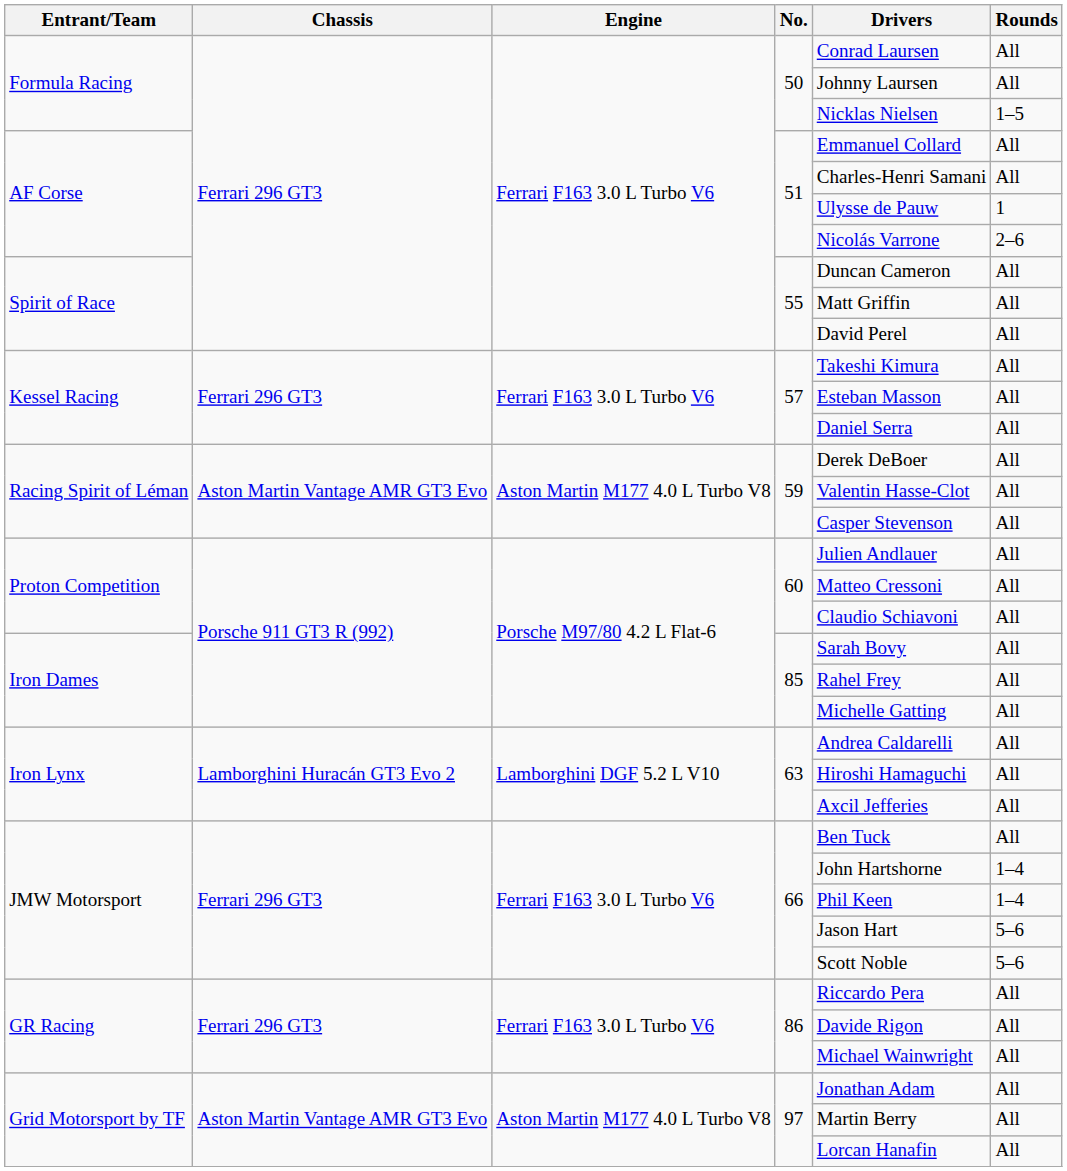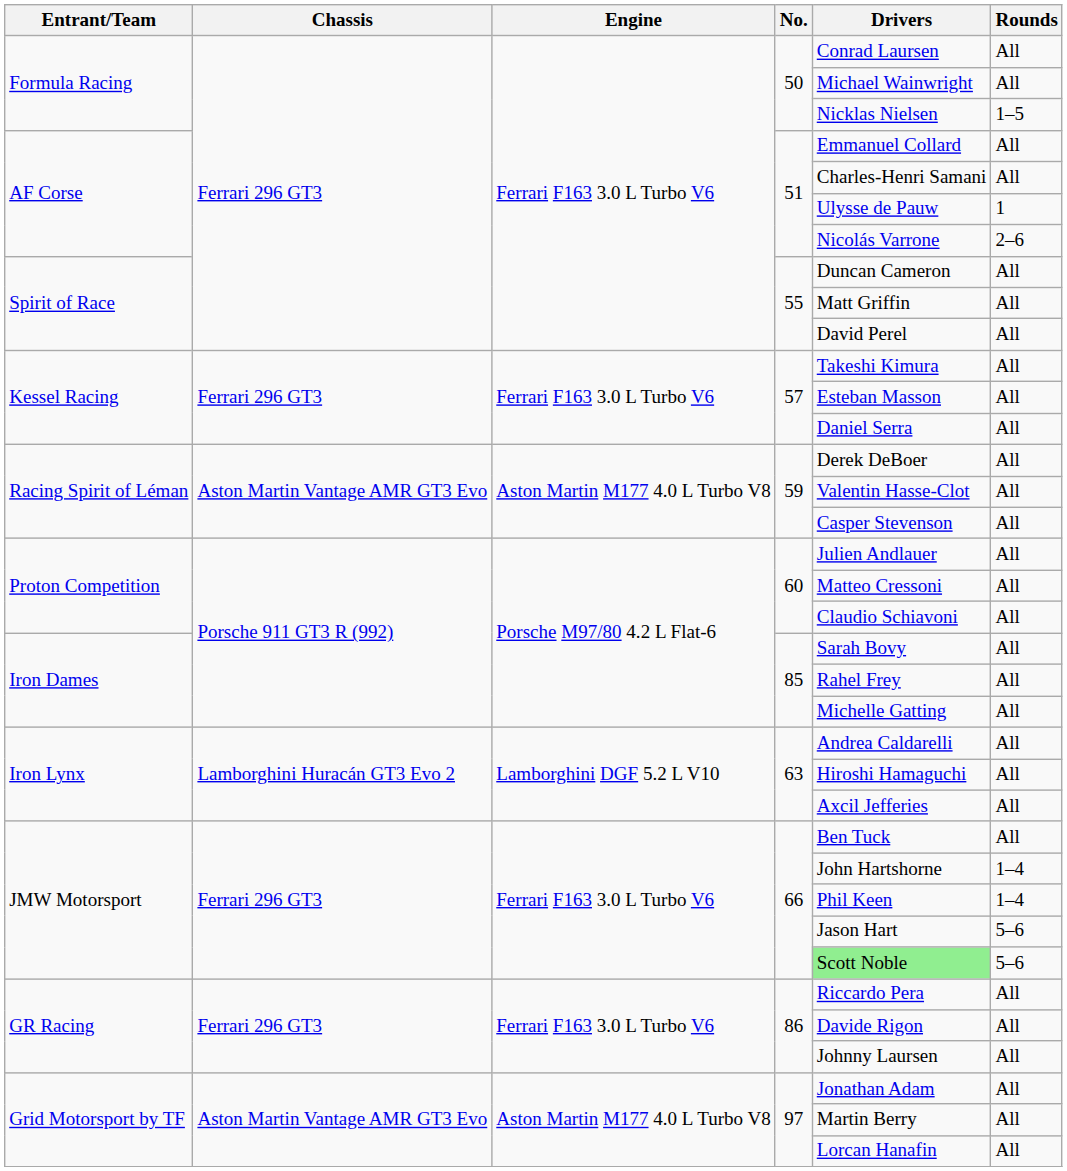 <table class="wikitable" style="font-size: 85%;">
 <tr>
 <th>Entrant/Team</th>
 <th>Chassis</th>
 <th>Engine</th>
 <th>No.</th>
 <th>Drivers</th>
 <th>Rounds</th>
 </tr>
 <tr>
 <td rowspan="3"> <a href='#'>Formula Racing</a></td>
 <td rowspan="10"><a href='#'>Ferrari 296 GT3</a></td>
 <td rowspan="10"><a href='#'>Ferrari</a> <a href='#'>F163</a> 3.0 L Turbo <a href='#'>V6</a></td>
 <td rowspan="3" align="center">50</td>
 <td> <a href='#'>Conrad Laursen</a></td>
 <td>All</td>
 </tr>
 <tr>
-<td> Johnny Laursen</td>
+<td> <a href='#'>Michael Wainwright</a></td>
 <td>All</td>
 </tr>
 <tr>
 <td> <a href='#'>Nicklas Nielsen</a></td>
 <td>1–5</td>
 </tr>
 <tr>
 <td rowspan="4"> <a href='#'>AF Corse</a></td>
 <td rowspan="4" align="center">51</td>
 <td> <a href='#'>Emmanuel Collard</a></td>
 <td>All</td>
 </tr>
 <tr>
 <td nowrap> Charles-Henri Samani</td>
 <td>All</td>
 </tr>
 <tr>
 <td> <a href='#'>Ulysse de Pauw</a></td>
 <td>1</td>
 </tr>
 <tr>
 <td> <a href='#'>Nicolás Varrone</a></td>
 <td>2–6</td>
 </tr>
 <tr>
 <td rowspan="3"> <a href='#'>Spirit of Race</a></td>
 <td rowspan="3" align="center">55</td>
 <td> Duncan Cameron</td>
 <td>All</td>
 </tr>
 <tr>
 <td> Matt Griffin</td>
 <td>All</td>
 </tr>
 <tr>
 <td> David Perel</td>
 <td>All</td>
 </tr>
 <tr>
 <td rowspan="3"> <a href='#'>Kessel Racing</a></td>
 <td rowspan="3"><a href='#'>Ferrari 296 GT3</a></td>
 <td rowspan="3"><a href='#'>Ferrari</a> <a href='#'>F163</a> 3.0 L Turbo <a href='#'>V6</a></td>
 <td rowspan="3" align="center">57</td>
 <td> <a href='#'>Takeshi Kimura</a></td>
 <td>All</td>
 </tr>
 <tr>
 <td> <a href='#'>Esteban Masson</a></td>
 <td>All</td>
 </tr>
 <tr>
 <td> <a href='#'>Daniel Serra</a></td>
 <td>All</td>
 </tr>
 <tr>
 <td rowspan="3"> <a href='#'>Racing Spirit of Léman</a></td>
 <td rowspan="3"><a href='#'>Aston Martin Vantage AMR GT3 Evo</a></td>
 <td rowspan="3"><a href='#'>Aston Martin</a> <a href='#'>M177</a> 4.0 L Turbo V8</td>
 <td rowspan="3" align="center">59</td>
 <td> Derek DeBoer</td>
 <td>All</td>
 </tr>
 <tr>
 <td> <a href='#'>Valentin Hasse-Clot</a></td>
 <td>All</td>
 </tr>
 <tr>
 <td> <a href='#'>Casper Stevenson</a></td>
 <td>All</td>
 </tr>
 <tr>
 <td rowspan="3"> <a href='#'>Proton Competition</a></td>
 <td rowspan="6"><a href='#'>Porsche 911 GT3 R (992)</a></td>
 <td rowspan="6"><a href='#'>Porsche</a> <a href='#'>M97/80</a> 4.2 L Flat-6</td>
 <td rowspan="3" align="center">60</td>
 <td> <a href='#'>Julien Andlauer</a></td>
 <td>All</td>
 </tr>
 <tr>
 <td> <a href='#'>Matteo Cressoni</a></td>
 <td>All</td>
 </tr>
 <tr>
 <td> <a href='#'>Claudio Schiavoni</a></td>
 <td>All</td>
 </tr>
 <tr>
 <td rowspan="3"> <a href='#'>Iron Dames</a></td>
 <td rowspan="3" align="center">85</td>
 <td> <a href='#'>Sarah Bovy</a></td>
 <td>All</td>
 </tr>
 <tr>
 <td> <a href='#'>Rahel Frey</a></td>
 <td>All</td>
 </tr>
 <tr>
 <td> <a href='#'>Michelle Gatting</a></td>
 <td>All</td>
 </tr>
 <tr>
 <td rowspan="3"> <a href='#'>Iron Lynx</a></td>
 <td rowspan="3"><a href='#'>Lamborghini Huracán GT3 Evo 2</a></td>
 <td rowspan="3"><a href='#'>Lamborghini</a> <a href='#'>DGF</a> 5.2 L V10</td>
 <td rowspan="3" align="center">63</td>
 <td> <a href='#'>Andrea Caldarelli</a></td>
 <td>All</td>
 </tr>
 <tr>
 <td> <a href='#'>Hiroshi Hamaguchi</a></td>
 <td>All</td>
 </tr>
 <tr>
 <td> <a href='#'>Axcil Jefferies</a></td>
 <td>All</td>
 </tr>
 <tr>
 <td rowspan="5"> JMW Motorsport</td>
 <td rowspan="5"><a href='#'>Ferrari 296 GT3</a></td>
 <td rowspan="5"><a href='#'>Ferrari</a> <a href='#'>F163</a> 3.0 L Turbo <a href='#'>V6</a></td>
 <td rowspan="5" align="center">66</td>
 <td> <a href='#'>Ben Tuck</a></td>
 <td>All</td>
 </tr>
 <tr>
 <td> John Hartshorne</td>
 <td>1–4</td>
 </tr>
 <tr>
 <td> <a href='#'>Phil Keen</a></td>
 <td>1–4</td>
 </tr>
 <tr>
 <td> Jason Hart</td>
 <td>5–6</td>
 </tr>
 <tr>
-<td> Scott Noble</td>
+<td style="background: lightgreen;"> Scott Noble</td>
 <td>5–6</td>
 </tr>
 <tr>
 <td rowspan="3"> <a href='#'>GR Racing</a></td>
 <td rowspan="3"><a href='#'>Ferrari 296 GT3</a></td>
 <td rowspan="3"><a href='#'>Ferrari</a> <a href='#'>F163</a> 3.0 L Turbo <a href='#'>V6</a></td>
 <td rowspan="3" align="center">86</td>
 <td> <a href='#'>Riccardo Pera</a></td>
 <td>All</td>
 </tr>
 <tr>
 <td> <a href='#'>Davide Rigon</a></td>
 <td>All</td>
 </tr>
 <tr>
-<td> <a href='#'>Michael Wainwright</a></td>
+<td> Johnny Laursen</td>
 <td>All</td>
 </tr>
 <tr>
 <td rowspan="3"> <a href='#'>Grid Motorsport by TF</a></td>
 <td rowspan="3"><a href='#'>Aston Martin Vantage AMR GT3 Evo</a></td>
 <td rowspan="3"><a href='#'>Aston Martin</a> <a href='#'>M177</a> 4.0 L Turbo V8</td>
 <td rowspan="3" align="center">97</td>
 <td> <a href='#'>Jonathan Adam</a></td>
 <td>All</td>
 </tr>
 <tr>
 <td> Martin Berry</td>
 <td>All</td>
 </tr>
 <tr>
 <td> <a href='#'>Lorcan Hanafin</a></td>
 <td>All</td>
 </tr>
 <tr>
 </tr>
 </table>
